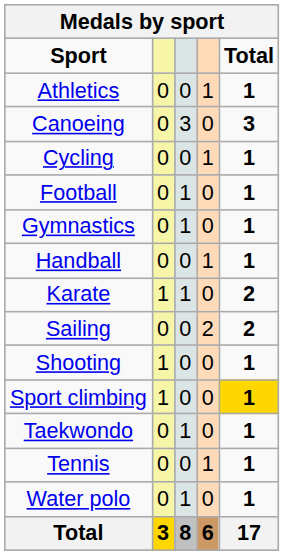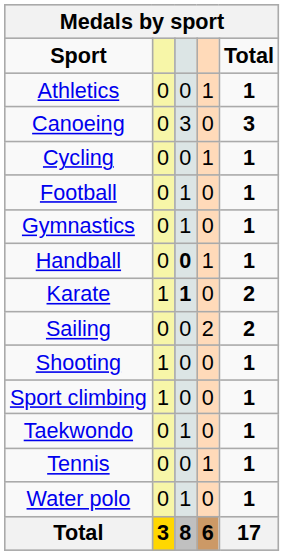 <table class="wikitable" style="font-size:85%">
 <tr style="background:#efefef;">
 <th colspan=7>Medals by sport</th>
 </tr>
 <tr align=center>
 <td><strong>Sport</strong></td>
 <td bgcolor=#f7f6a8></td>
 <td bgcolor=#dce5e5></td>
 <td bgcolor=#ffdab9></td>
 <td><strong>Total</strong></td>
 </tr>
 <tr align=center>
 <td><a href='#'>Athletics</a></td>
 <td style="background:#F7F6A8;">0</td>
 <td style="background:#DCE5E5;">0</td>
 <td style="background:#FFDAB9;">1</td>
 <td><strong>1</strong></td>
 </tr>
 <tr align=center>
 <td><a href='#'>Canoeing</a></td>
 <td style="background:#F7F6A8;">0</td>
 <td style="background:#DCE5E5;">3</td>
 <td style="background:#FFDAB9;">0</td>
 <td><strong>3</strong></td>
 </tr>
 <tr align=center>
 <td><a href='#'>Cycling</a></td>
 <td style="background:#F7F6A8;">0</td>
 <td style="background:#DCE5E5;">0</td>
 <td style="background:#FFDAB9;">1</td>
 <td><strong>1</strong></td>
 </tr>
 <tr align=center>
 <td><a href='#'>Football</a></td>
 <td style="background:#F7F6A8;">0</td>
 <td style="background:#DCE5E5;">1</td>
 <td style="background:#FFDAB9;">0</td>
 <td><strong>1</strong></td>
 </tr>
 <tr align=center>
 <td><a href='#'>Gymnastics</a></td>
 <td style="background:#F7F6A8;">0</td>
 <td style="background:#DCE5E5;">1</td>
 <td style="background:#FFDAB9;">0</td>
 <td><strong>1</strong></td>
 </tr>
 <tr align=center>
 <td><a href='#'>Handball</a></td>
 <td style="background:#F7F6A8;">0</td>
-<td style="background:#DCE5E5;">0</td>
+<td style="background:#DCE5E5;"><strong>0</strong></td>
 <td style="background:#FFDAB9;">1</td>
 <td><strong>1</strong></td>
 </tr>
 <tr align=center>
 <td><a href='#'>Karate</a></td>
 <td style="background:#F7F6A8;">1</td>
-<td style="background:#DCE5E5;">1</td>
+<td style="background:#DCE5E5;"><strong>1</strong></td>
 <td style="background:#FFDAB9;">0</td>
 <td><strong>2</strong></td>
 </tr>
 <tr align=center>
 <td><a href='#'>Sailing</a></td>
 <td style="background:#F7F6A8;">0</td>
 <td style="background:#DCE5E5;">0</td>
 <td style="background:#FFDAB9;">2</td>
 <td><strong>2</strong></td>
 </tr>
 <tr align=center>
 <td><a href='#'>Shooting</a></td>
 <td style="background:#F7F6A8;">1</td>
 <td style="background:#DCE5E5;">0</td>
 <td style="background:#FFDAB9;">0</td>
 <td><strong>1</strong></td>
 </tr>
 <tr align=center>
 <td><a href='#'>Sport climbing</a></td>
 <td style="background:#F7F6A8;">1</td>
 <td style="background:#DCE5E5;">0</td>
 <td style="background:#FFDAB9;">0</td>
-<td style="background: gold;"><strong>1</strong></td>
+<td><strong>1</strong></td>
 </tr>
 <tr align=center>
 <td><a href='#'>Taekwondo</a></td>
 <td style="background:#F7F6A8;">0</td>
 <td style="background:#DCE5E5;">1</td>
 <td style="background:#FFDAB9;">0</td>
 <td><strong>1</strong></td>
 </tr>
 <tr align=center>
 <td><a href='#'>Tennis</a></td>
 <td style="background:#F7F6A8;">0</td>
 <td style="background:#DCE5E5;">0</td>
 <td style="background:#FFDAB9;">1</td>
 <td><strong>1</strong></td>
 </tr>
 <tr align=center>
 <td><a href='#'>Water polo</a></td>
 <td style="background:#F7F6A8;">0</td>
 <td style="background:#DCE5E5;">1</td>
 <td style="background:#FFDAB9;">0</td>
 <td><strong>1</strong></td>
 </tr>
 <tr align=center>
 <th>Total</th>
 <th style="background:gold;">3</th>
 <th style="background:silver;">8</th>
 <th style="background:#c96;">6</th>
 <th>17</th>
 </tr>
 </table>
